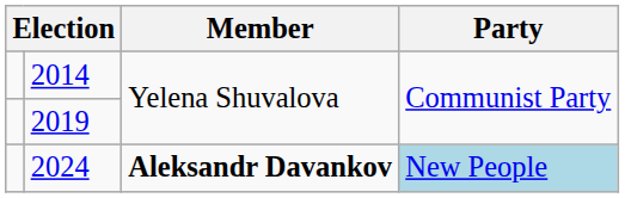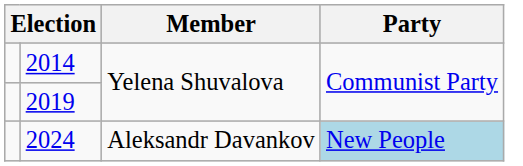 <table class="wikitable">
 <tr>
 <th colspan="2">Election</th>
 <th>Member</th>
 <th>Party</th>
 </tr>
 <tr>
 <td style="background-color:"></td>
 <td><a href='#'>2014</a></td>
 <td rowspan=2>Yelena Shuvalova</td>
 <td rowspan=2><a href='#'>Communist Party</a></td>
 </tr>
 <tr>
 <td style="background-color:"></td>
 <td><a href='#'>2019</a></td>
 </tr>
 <tr>
 <td style="background-color:"></td>
 <td><a href='#'>2024</a></td>
-<td><strong>Aleksandr Davankov</strong></td>
+<td>Aleksandr Davankov</td>
 <td style="background: lightblue;"><a href='#'>New People</a></td>
 </tr>
 </table>
